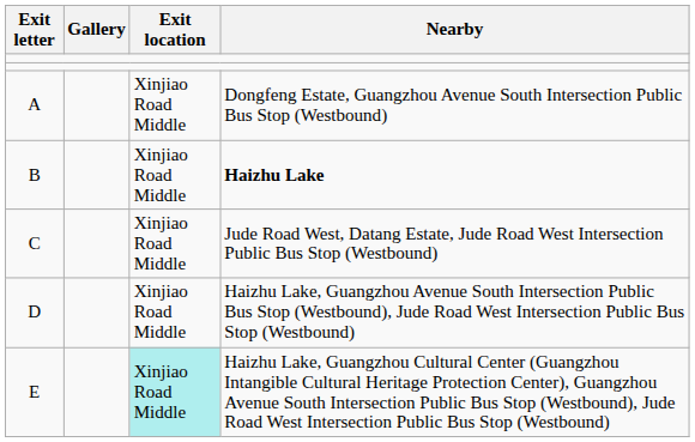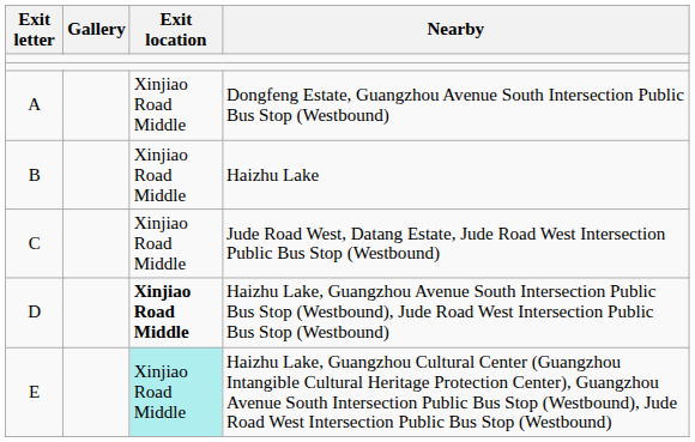 <table class="wikitable">
 <tr>
 <th style="width:70px" colspan="2">Exit letter</th>
 <th>Gallery</th>
 <th>Exit location</th>
 <th>Nearby</th>
 </tr>
 <tr style="background:#">
 <td colspan = "6"></td>
 </tr>
 <tr style="background:#">
 <td colspan = "6"></td>
 </tr>
 <tr>
 <td align="center" colspan="2">A</td>
 <td></td>
 <td>Xinjiao Road Middle</td>
 <td>Dongfeng Estate, Guangzhou Avenue South Intersection Public Bus Stop (Westbound)</td>
 </tr>
 <tr>
 <td align="center" colspan="2">B</td>
 <td></td>
 <td>Xinjiao Road Middle</td>
-<td><strong>Haizhu Lake</strong></td>
+<td>Haizhu Lake</td>
 </tr>
 <tr>
 <td align="center" colspan="2">C</td>
 <td></td>
 <td>Xinjiao Road Middle</td>
 <td>Jude Road West, Datang Estate, Jude Road West Intersection Public Bus Stop (Westbound)</td>
 </tr>
 <tr>
 <td align="center" colspan="2">D</td>
 <td></td>
-<td>Xinjiao Road Middle</td>
+<td><strong>Xinjiao Road Middle</strong></td>
 <td>Haizhu Lake, Guangzhou Avenue South Intersection Public Bus Stop (Westbound), Jude Road West Intersection Public Bus Stop (Westbound)</td>
 </tr>
 <tr>
 <td align="center" colspan="2">E</td>
 <td></td>
 <td style="background: paleturquoise;">Xinjiao Road Middle</td>
 <td>Haizhu Lake, Guangzhou Cultural Center (Guangzhou Intangible Cultural Heritage Protection Center), Guangzhou Avenue South Intersection Public Bus Stop (Westbound), Jude Road West Intersection Public Bus Stop (Westbound)</td>
 </tr>
 </table>
